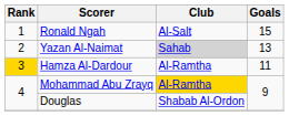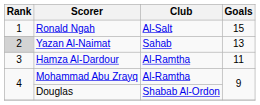 <table class="wikitable" style="text-align:center">
 <tr>
 <th>Rank</th>
 <th>Scorer</th>
 <th>Club</th>
 <th>Goals</th>
 </tr>
 <tr>
 <td align=center rowspan=1>1</td>
 <td align=left> <a href='#'>Ronald Ngah</a></td>
 <td align=left><a href='#'>Al-Salt</a></td>
 <td align=center rowspan=1>15</td>
 </tr>
 <tr>
-<td align=center rowspan=1>2</td>
+<td align=center rowspan=1 style="background: lightgrey;">2</td>
 <td align=left> <a href='#'>Yazan Al-Naimat</a></td>
-<td align=left style="background: lightgrey;"><a href='#'>Sahab</a></td>
+<td align=left><a href='#'>Sahab</a></td>
 <td align=center rowspan=1>13</td>
 </tr>
 <tr>
-<td align=center rowspan=1 style="background: gold;">3</td>
+<td align=center rowspan=1>3</td>
 <td align=left> <a href='#'>Hamza Al-Dardour</a></td>
 <td align=left><a href='#'>Al-Ramtha</a></td>
 <td align=center rowspan=1>11</td>
 </tr>
 <tr>
 <td align=center rowspan=2>4</td>
 <td align=left> <a href='#'>Mohammad Abu Zrayq</a></td>
-<td align=left style="background: gold;"><a href='#'>Al-Ramtha</a></td>
+<td align=left><a href='#'>Al-Ramtha</a></td>
 <td align=center rowspan=2>9</td>
 </tr>
 <tr>
 <td align=left> Douglas</td>
 <td align=left><a href='#'>Shabab Al-Ordon</a></td>
 </tr>
 <tr>
 </tr>
 </table>
